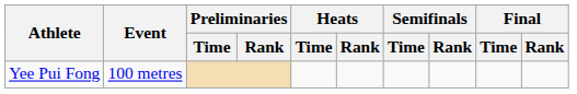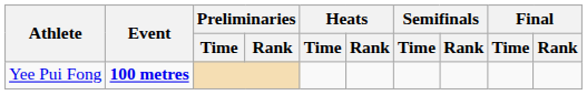 <table class=wikitable style="font-size:90%;">
 <tr>
 <th rowspan="2">Athlete</th>
 <th rowspan="2">Event</th>
 <th colspan="2">Preliminaries</th>
 <th colspan="2">Heats</th>
 <th colspan="2">Semifinals</th>
 <th colspan="2">Final</th>
 </tr>
 <tr>
 <th>Time</th>
 <th>Rank</th>
 <th>Time</th>
 <th>Rank</th>
 <th>Time</th>
 <th>Rank</th>
 <th>Time</th>
 <th>Rank</th>
 </tr>
 <tr style="border-top: single;">
 <td><a href='#'>Yee Pui Fong</a></td>
-<td><a href='#'>100 metres</a></td>
+<td><strong><a href='#'>100 metres</a></strong></td>
 <td colspan= 2 bgcolor="wheat"></td>
 <td align=center></td>
 <td align=center></td>
 <td align=center></td>
 <td align=center></td>
 <td align=center></td>
 <td align=center></td>
 </tr>
 </table>
